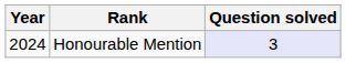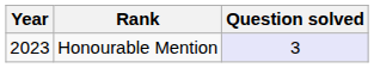 <table class=wikitable style="margin-left: 22px;">
 <tr>
 <th>Year</th>
 <th>Rank</th>
 <th>Question solved</th>
 </tr>
 <tr>
-<td>2024</td>
+<td>2023</td>
 <td style="text-align:center">Honourable Mention</td>
 <td style="background: lavender; text-align:center">3</td>
 </tr>
 </table>
